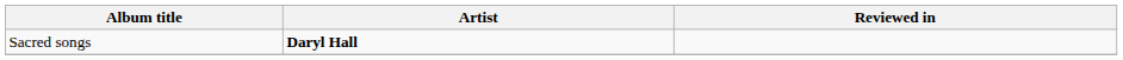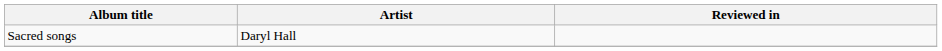 <table class='wikitable sortable' width='90%'>
 <tr>
 <th width=25%>Album title</th>
 <th>Artist</th>
 <th>Reviewed in</th>
 </tr>
 <tr>
 <td>Sacred songs</td>
-<td><strong>Daryl Hall</strong></td>
+<td>Daryl Hall</td>
 <td></td>
 </tr>
 <tr>
 </tr>
 </table>
